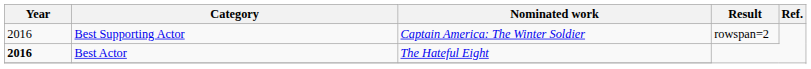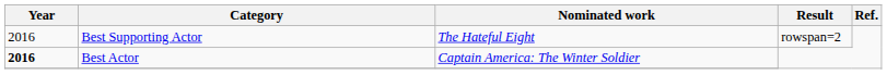 <table class=wikitable>
 <tr>
 <th scope="col" style="width:5em;">Year</th>
 <th scope="col" style="width:26em;">Category</th>
 <th scope="col" style="width:25em;">Nominated work</th>
 <th scope="col" style="width:5em;">Result</th>
 <th>Ref.</th>
 </tr>
 <tr>
 <td>2016</td>
 <td><a href='#'>Best Supporting Actor</a></td>
-<td><em><a href='#'>Captain America: The Winter Soldier</a></em></td>
+<td><em><a href='#'>The Hateful Eight</a></em></td>
 <td>rowspan=2 </td>
 </tr>
 <tr>
 <td><strong>2016</strong></td>
 <td><a href='#'>Best Actor</a></td>
-<td><em><a href='#'>The Hateful Eight</a></em></td>
+<td><em><a href='#'>Captain America: The Winter Soldier</a></em></td>
 </tr>
 <tr>
 </tr>
 </table>
